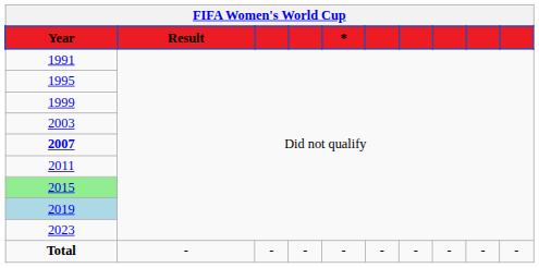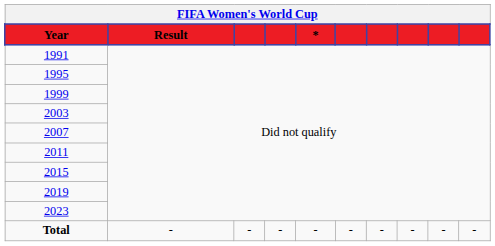 <table Class = "wikitable" style = "text-align: center; width:50%;">
 <tr>
 <th colspan=10><a href='#'>FIFA Women's World Cup</a></th>
 </tr>
 <tr>
 <th style="background:#ED1C24;border: 2px solid #3F43A4;"><span>Year</span></th>
 <th style="background:#ED1C24;border: 2px solid #3F43A4;"><span>Result</span></th>
 <th style="background:#ED1C24;border: 2px solid #3F43A4;"><span></span></th>
 <th style="background:#ED1C24;border: 2px solid #3F43A4;"><span></span></th>
 <th style="background:#ED1C24;border: 2px solid #3F43A4;"><span>*</span></th>
 <th style="background:#ED1C24;border: 2px solid #3F43A4;"><span></span></th>
 <th style="background:#ED1C24;border: 2px solid #3F43A4;"><span></span></th>
 <th style="background:#ED1C24;border: 2px solid #3F43A4;"><span></span></th>
 <th style="background:#ED1C24;border: 2px solid #3F43A4;"><span></span></th>
 <th style="background:#ED1C24;border: 2px solid #3F43A4;"><span></span></th>
 </tr>
 <tr style=>
 <td> <a href='#'>1991</a></td>
 <td colspan="9" rowspan="9">Did not qualify</td>
 </tr>
 <tr style>
 <td> <a href='#'>1995</a></td>
 </tr>
 <tr style=>
 <td style=> <a href='#'>1999</a></td>
 </tr>
 <tr style=>
 <td style=> <a href='#'>2003</a></td>
 </tr>
 <tr style=>
-<td><strong> <a href='#'>2007</a></strong></td>
+<td> <a href='#'>2007</a></td>
 </tr>
 <tr>
 <td> <a href='#'>2011</a></td>
 </tr>
 <tr>
-<td style="background: lightgreen;"> <a href='#'>2015</a></td>
+<td> <a href='#'>2015</a></td>
 </tr>
 <tr>
-<td style="background: lightblue;"> <a href='#'>2019</a></td>
+<td> <a href='#'>2019</a></td>
 </tr>
 <tr>
 <td><a href='#'>2023</a></td>
 </tr>
 <tr>
 <td><strong>Total</strong></td>
 <td>-</td>
 <td>-</td>
 <td>-</td>
 <td>-</td>
 <td>-</td>
 <td>-</td>
 <td>-</td>
 <td>-</td>
 <td>-</td>
 </tr>
 </table>
